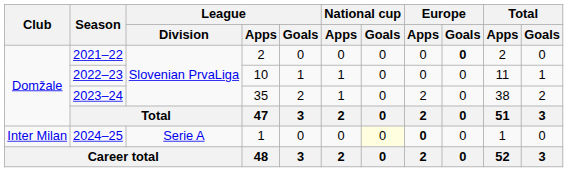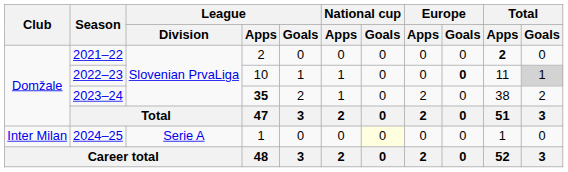 <table class="wikitable" style="text-align: center">
 <tr>
 <th rowspan="2">Club</th>
 <th rowspan="2">Season</th>
 <th colspan="3">League</th>
 <th colspan="2">National cup</th>
 <th colspan="2">Europe</th>
 <th colspan="2">Total</th>
 </tr>
 <tr>
 <th>Division</th>
 <th>Apps</th>
 <th>Goals</th>
 <th>Apps</th>
 <th>Goals</th>
 <th>Apps</th>
 <th>Goals</th>
 <th>Apps</th>
 <th>Goals</th>
 </tr>
 <tr>
 <td rowspan="4"><a href='#'>Domžale</a></td>
 <td><a href='#'>2021–22</a></td>
 <td rowspan="3"><a href='#'>Slovenian PrvaLiga</a></td>
 <td>2</td>
 <td>0</td>
 <td>0</td>
 <td>0</td>
 <td>0</td>
-<td><strong>0</strong></td>
-<td>2</td>
+<td>0</td>
+<td><strong>2</strong></td>
 <td>0</td>
 </tr>
 <tr>
 <td><a href='#'>2022–23</a></td>
 <td>10</td>
 <td>1</td>
 <td>1</td>
 <td>0</td>
 <td>0</td>
-<td>0</td>
+<td><strong>0</strong></td>
 <td>11</td>
-<td>1</td>
+<td style="background: lightgrey;">1</td>
 </tr>
 <tr>
 <td><a href='#'>2023–24</a></td>
-<td>35</td>
+<td><strong>35</strong></td>
 <td>2</td>
 <td>1</td>
 <td>0</td>
 <td>2</td>
 <td>0</td>
 <td>38</td>
 <td>2</td>
 </tr>
 <tr>
 <th colspan="2">Total</th>
 <th>47</th>
 <th>3</th>
 <th>2</th>
 <th>0</th>
 <th>2</th>
 <th>0</th>
 <th>51</th>
 <th>3</th>
 </tr>
 <tr>
 <td><a href='#'>Inter Milan</a></td>
 <td><a href='#'>2024–25</a></td>
 <td><a href='#'>Serie A</a></td>
 <td>1</td>
 <td>0</td>
 <td>0</td>
 <td style="background: lightyellow;">0</td>
-<td><strong>0</strong></td>
+<td>0</td>
 <td>0</td>
 <td>1</td>
 <td>0</td>
 </tr>
 <tr>
 <th colspan="3">Career total</th>
 <th>48</th>
 <th>3</th>
 <th>2</th>
 <th>0</th>
 <th>2</th>
 <th>0</th>
 <th>52</th>
 <th>3</th>
 </tr>
 </table>
